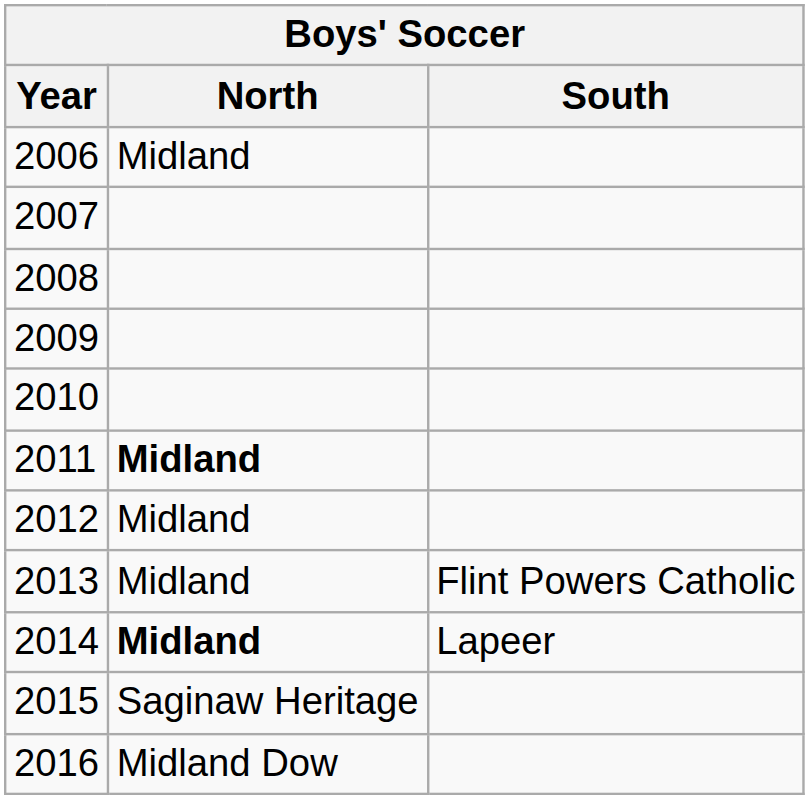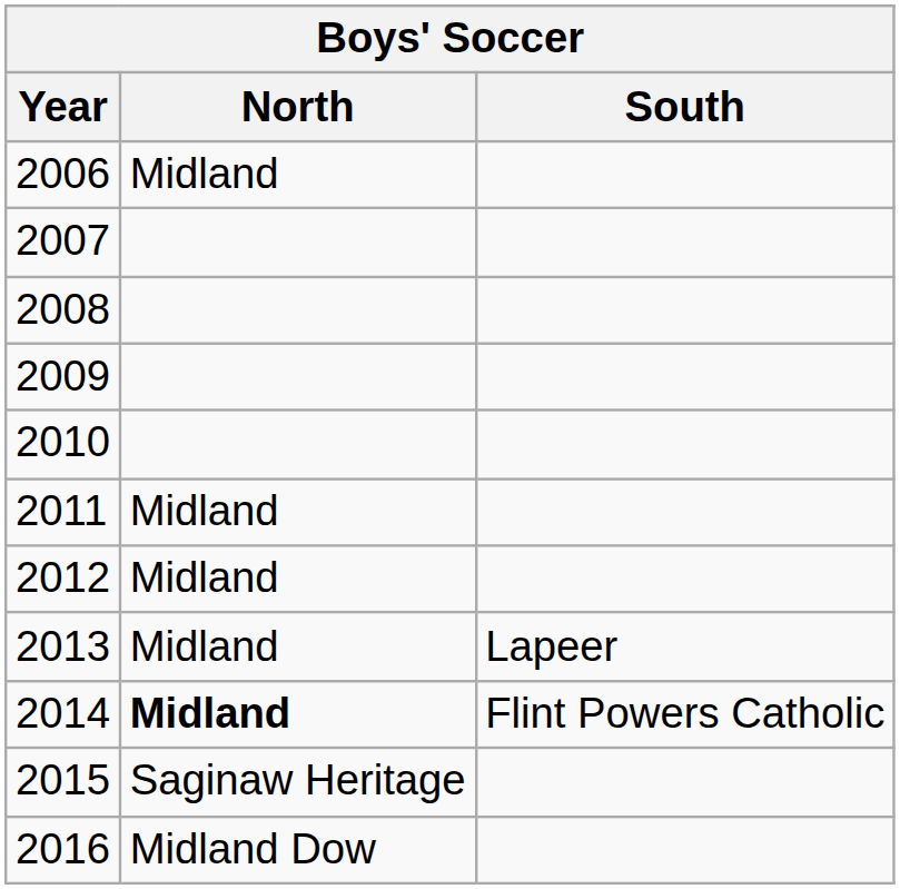 <table class="wikitable collapsible">
 <tr>
 <th colspan=3>Boys' Soccer</th>
 </tr>
 <tr>
 <th>Year</th>
 <th>North</th>
 <th>South</th>
 </tr>
 <tr>
 <td>2006</td>
 <td>Midland</td>
 <td></td>
 </tr>
 <tr>
 <td>2007</td>
 <td></td>
 <td></td>
 </tr>
 <tr>
 <td>2008</td>
 <td></td>
 <td></td>
 </tr>
 <tr>
 <td>2009</td>
 <td></td>
 <td></td>
 </tr>
 <tr>
 <td>2010</td>
 <td></td>
 <td></td>
 </tr>
 <tr>
 <td>2011</td>
-<td><strong>Midland</strong></td>
+<td>Midland</td>
 <td></td>
 </tr>
 <tr>
 <td>2012</td>
 <td>Midland</td>
 <td></td>
 </tr>
 <tr>
 <td>2013</td>
 <td>Midland</td>
-<td>Flint Powers Catholic</td>
+<td>Lapeer</td>
 </tr>
 <tr>
 <td>2014</td>
 <td><strong>Midland</strong></td>
-<td>Lapeer</td>
+<td>Flint Powers Catholic</td>
 </tr>
 <tr>
 <td>2015</td>
 <td>Saginaw Heritage</td>
 <td></td>
 </tr>
 <tr>
 <td>2016</td>
 <td>Midland Dow</td>
 <td></td>
 </tr>
 </table>
